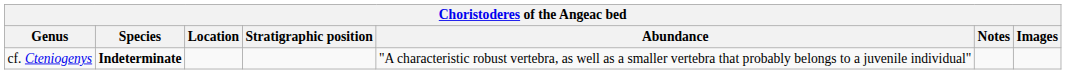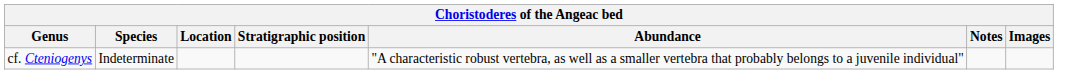 <table class="wikitable sortable">
 <tr>
 <th colspan="7" align="center"><strong><a href='#'>Choristoderes</a> of the Angeac bed</strong></th>
 </tr>
 <tr>
 <th>Genus</th>
 <th>Species</th>
 <th>Location</th>
 <th>Stratigraphic position</th>
 <th>Abundance</th>
 <th>Notes</th>
 <th>Images</th>
 </tr>
 <tr>
 <td>cf. <em><a href='#'>Cteniogenys</a></em></td>
-<td><strong>Indeterminate</strong></td>
+<td>Indeterminate</td>
 <td></td>
 <td></td>
 <td>"A characteristic robust vertebra, as well as a smaller vertebra that probably belongs to a juvenile individual"</td>
 <td></td>
 <td></td>
 </tr>
 </table>
